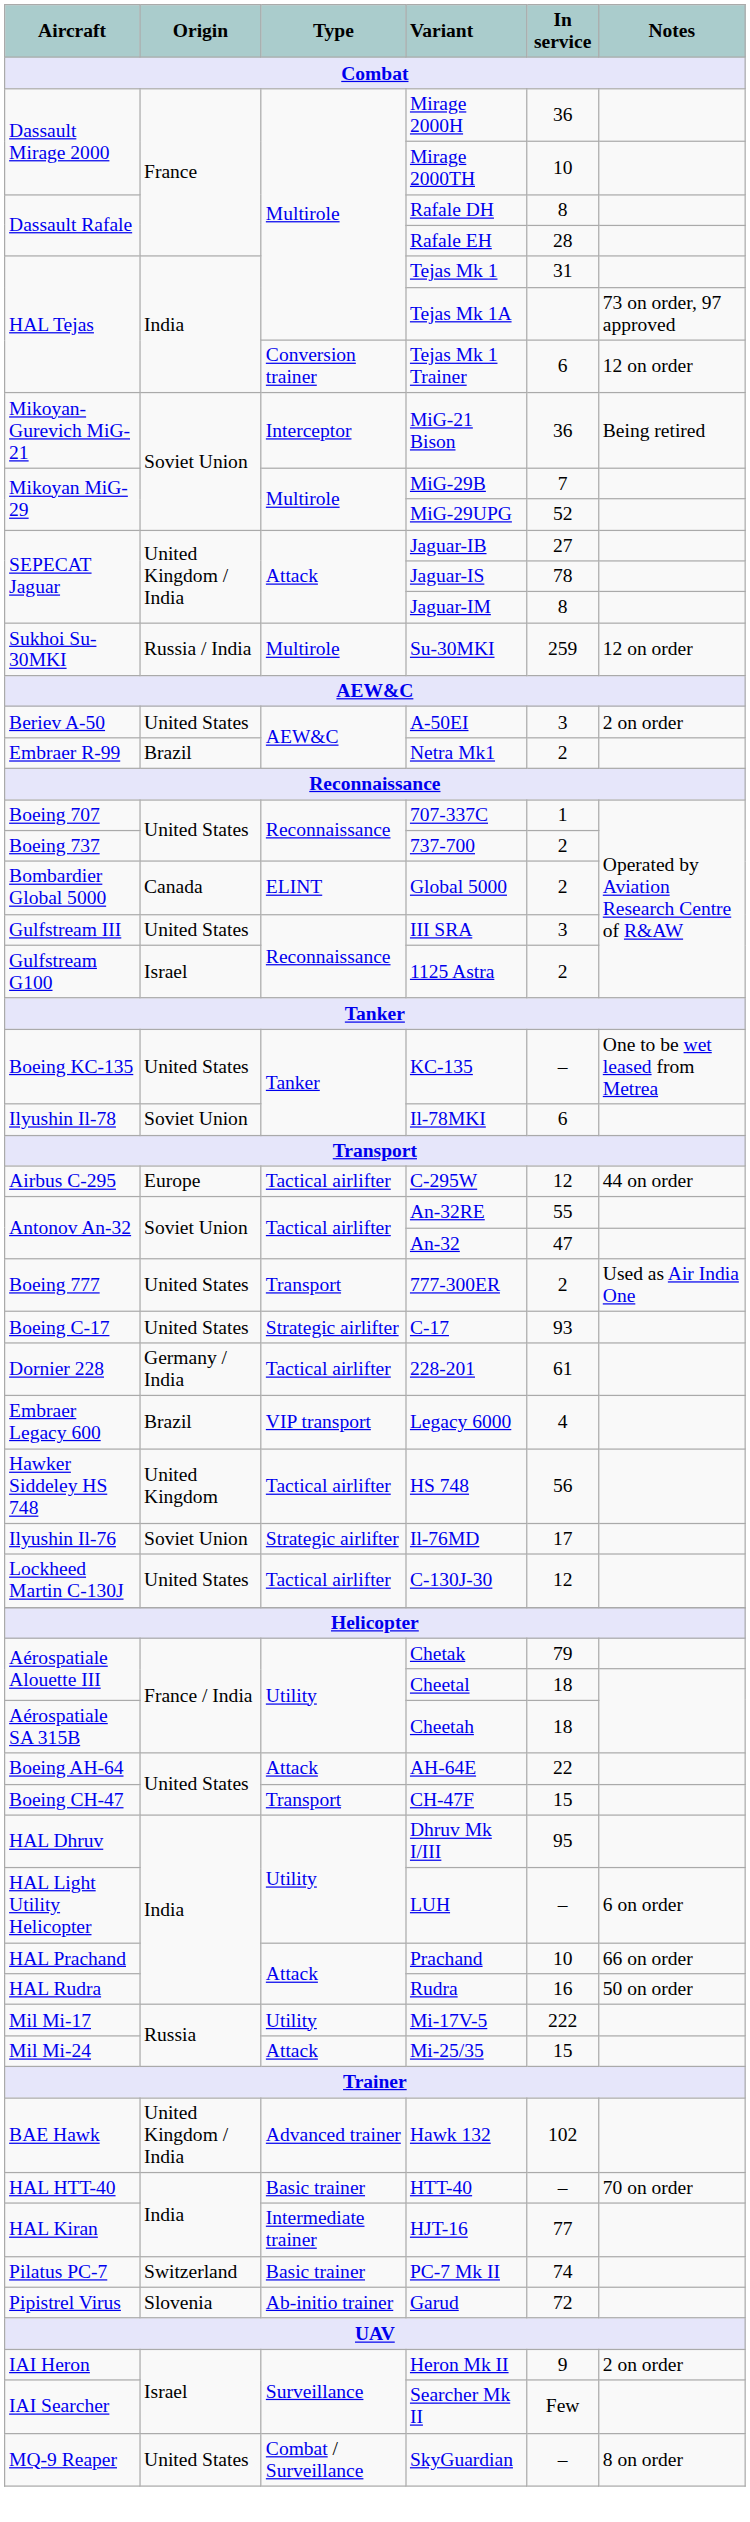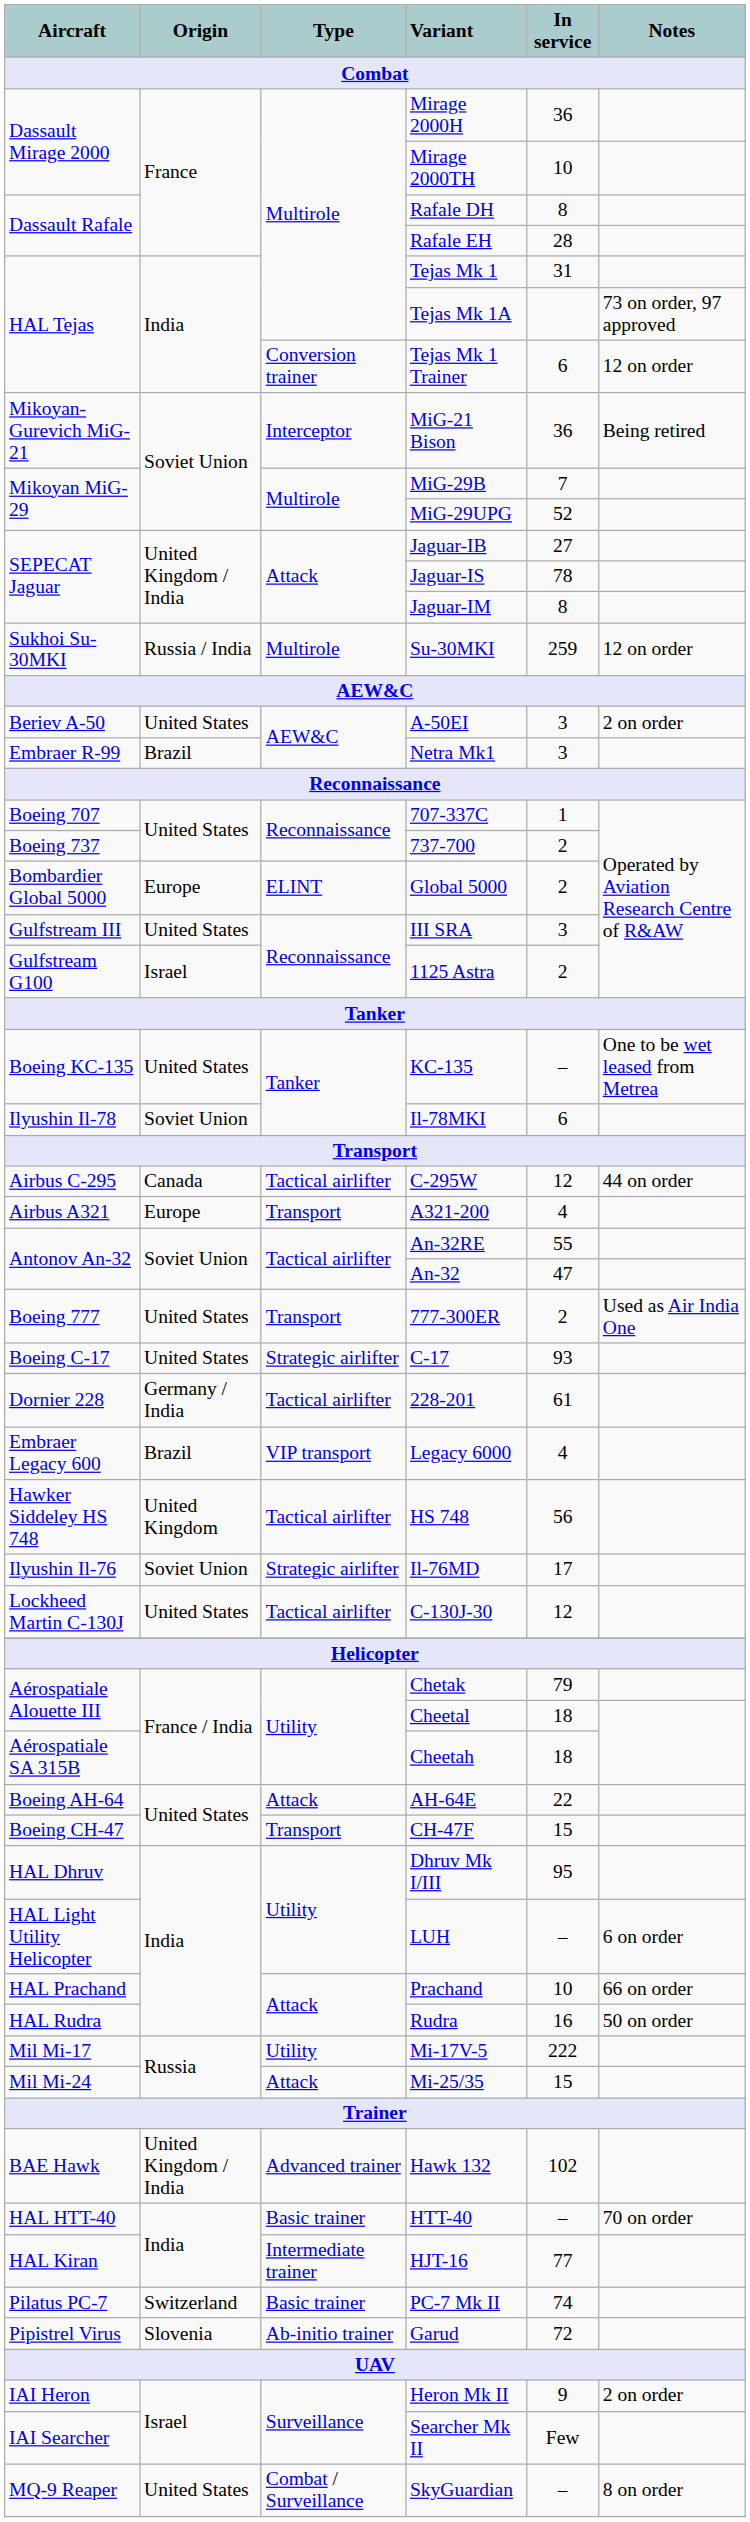 <table class="wikitable">
 <tr>
 <th style="text-align:center; background:#acc;">Aircraft</th>
 <th style="text-align: center; background:#acc;">Origin</th>
 <th style="text-align: center; background:#acc;">Type</th>
 <th style="text-align:left; background:#acc;">Variant</th>
 <th style="text-align:center; background:#acc;">In service</th>
 <th style="text-align: center; background:#acc;">Notes</th>
 </tr>
 <tr>
 <th style="align: center; background: lavender;" colspan="6"><a href='#'>Combat</a></th>
 </tr>
 <tr>
 <td rowspan="2"><a href='#'>Dassault Mirage 2000</a></td>
 <td rowspan="4">France</td>
 <td rowspan="6"><a href='#'>Multirole</a></td>
 <td><a href='#'>Mirage 2000H</a></td>
 <td align="center">36</td>
 <td></td>
 </tr>
 <tr>
 <td><a href='#'>Mirage 2000TH</a></td>
 <td align="center">10</td>
 <td></td>
 </tr>
 <tr>
 <td rowspan="2"><a href='#'>Dassault Rafale</a></td>
 <td><a href='#'>Rafale DH</a></td>
 <td align="center">8</td>
 <td></td>
 </tr>
 <tr>
 <td><a href='#'>Rafale EH</a></td>
 <td align="center">28</td>
 <td></td>
 </tr>
 <tr>
 <td rowspan="3"><a href='#'>HAL Tejas</a></td>
 <td rowspan="3">India</td>
 <td><a href='#'>Tejas Mk 1</a></td>
 <td align="center">31</td>
 <td></td>
 </tr>
 <tr>
 <td><a href='#'>Tejas Mk 1A</a></td>
 <td align="center"></td>
 <td>73 on order, 97 approved</td>
 </tr>
 <tr>
 <td><a href='#'>Conversion trainer</a></td>
 <td><a href='#'>Tejas Mk 1 Trainer</a></td>
 <td align="center">6</td>
 <td>12 on order</td>
 </tr>
 <tr>
 <td><a href='#'>Mikoyan-Gurevich MiG-21</a></td>
 <td rowspan="3">Soviet Union</td>
 <td><a href='#'>Interceptor</a></td>
 <td><a href='#'>MiG-21 Bison</a></td>
 <td align="center">36</td>
 <td>Being retired</td>
 </tr>
 <tr>
 <td rowspan="2"><a href='#'>Mikoyan MiG-29</a></td>
 <td rowspan="2"><a href='#'>Multirole</a></td>
 <td><a href='#'>MiG-29B</a></td>
 <td align="center">7</td>
 <td></td>
 </tr>
 <tr>
 <td><a href='#'>MiG-29UPG</a></td>
 <td align="center">52</td>
 <td></td>
 </tr>
 <tr>
 <td rowspan="3"><a href='#'>SEPECAT Jaguar</a></td>
 <td rowspan="3">United Kingdom / India</td>
 <td rowspan="3"><a href='#'>Attack</a></td>
 <td><a href='#'>Jaguar-IB</a></td>
 <td align="center">27</td>
 <td></td>
 </tr>
 <tr>
 <td><a href='#'>Jaguar-IS</a></td>
 <td align="center">78</td>
 <td></td>
 </tr>
 <tr>
 <td><a href='#'>Jaguar-IM</a></td>
 <td align="center">8</td>
 <td></td>
 </tr>
 <tr>
 <td><a href='#'>Sukhoi Su-30MKI</a></td>
 <td>Russia / India</td>
 <td><a href='#'>Multirole</a></td>
 <td><a href='#'>Su-30MKI</a></td>
 <td align="center">259</td>
 <td>12 on order</td>
 </tr>
 <tr>
 <th colspan="6" style="align: center; background: lavender;"><a href='#'>AEW&C</a></th>
 </tr>
 <tr>
 <td><a href='#'>Beriev A-50</a></td>
 <td>United States</td>
 <td rowspan="2"><a href='#'>AEW&C</a></td>
 <td><a href='#'>A-50EI</a></td>
 <td align="center">3</td>
 <td>2 on order</td>
 </tr>
 <tr>
 <td><a href='#'>Embraer R-99</a></td>
 <td>Brazil</td>
 <td><a href='#'>Netra Mk1</a></td>
-<td align="center">2</td>
+<td align="center">3</td>
 <td></td>
 </tr>
 <tr>
 <th colspan="6" style="align: center; background: lavender;"><a href='#'>Reconnaissance</a></th>
 </tr>
 <tr>
 <td><a href='#'>Boeing 707</a></td>
 <td rowspan="2">United States</td>
 <td rowspan="2"><a href='#'>Reconnaissance</a></td>
 <td><a href='#'>707-337C</a></td>
 <td align="center">1</td>
 <td rowspan="5">Operated by <a href='#'>Aviation Research Centre</a> of <a href='#'>R&AW</a></td>
 </tr>
 <tr>
 <td><a href='#'>Boeing 737</a></td>
 <td><a href='#'>737-700</a></td>
 <td align="center">2</td>
 </tr>
 <tr>
 <td><a href='#'>Bombardier Global 5000</a></td>
-<td>Canada</td>
+<td>Europe</td>
 <td><a href='#'>ELINT</a></td>
 <td><a href='#'>Global 5000</a></td>
 <td align="center">2</td>
 </tr>
 <tr>
 <td><a href='#'>Gulfstream III</a></td>
 <td>United States</td>
 <td rowspan="2"><a href='#'>Reconnaissance</a></td>
 <td><a href='#'>III SRA</a></td>
 <td align="center">3</td>
 </tr>
 <tr>
 <td><a href='#'>Gulfstream G100</a></td>
 <td>Israel</td>
 <td><a href='#'>1125 Astra</a></td>
 <td align="center">2</td>
 </tr>
 <tr>
 <th colspan="6" style="align: center; background: lavender;"><a href='#'>Tanker</a></th>
 </tr>
 <tr>
 <td><a href='#'>Boeing KC-135</a></td>
 <td>United States</td>
 <td rowspan="2"><a href='#'>Tanker</a></td>
 <td><a href='#'>KC-135</a></td>
 <td align="center">–</td>
 <td>One to be <a href='#'>wet leased</a> from <a href='#'>Metrea</a></td>
 </tr>
 <tr>
 <td><a href='#'>Ilyushin Il-78</a></td>
 <td>Soviet Union</td>
 <td><a href='#'>Il-78MKI</a></td>
 <td align="center">6</td>
 <td></td>
 </tr>
 <tr>
 <th colspan="6" style="align: center; background: lavender;"><a href='#'>Transport</a></th>
 </tr>
 <tr>
 <td><a href='#'>Airbus C-295</a></td>
-<td>Europe</td>
+<td>Canada</td>
 <td><a href='#'>Tactical airlifter</a></td>
 <td><a href='#'>C-295W</a></td>
 <td align="center">12</td>
 <td>44 on order</td>
+</tr>
+<tr>
+<td><a href='#'>Airbus A321</a></td>
+<td>Europe</td>
+<td><a href='#'>Transport</a></td>
+<td><a href='#'>A321-200</a></td>
+<td align="center">4</td>
+<td></td>
 </tr>
 <tr>
 <td rowspan="2"><a href='#'>Antonov An-32</a></td>
 <td rowspan="2">Soviet Union</td>
 <td rowspan="2"><a href='#'>Tactical airlifter</a></td>
 <td><a href='#'>An-32RE</a></td>
 <td align="center">55</td>
 <td></td>
 </tr>
 <tr>
 <td><a href='#'>An-32</a></td>
 <td align="center">47</td>
 <td></td>
 </tr>
 <tr>
 <td><a href='#'>Boeing 777</a></td>
 <td>United States</td>
 <td><a href='#'>Transport</a></td>
 <td><a href='#'>777-300ER</a></td>
 <td align="center">2</td>
 <td>Used as <a href='#'>Air India One</a></td>
 </tr>
 <tr>
 <td><a href='#'>Boeing C-17</a></td>
 <td>United States</td>
 <td><a href='#'>Strategic airlifter</a></td>
 <td><a href='#'>C-17</a></td>
 <td align="center">93</td>
 <td></td>
 </tr>
 <tr>
 <td><a href='#'>Dornier 228</a></td>
 <td>Germany / India</td>
 <td><a href='#'>Tactical airlifter</a></td>
 <td><a href='#'>228-201</a></td>
 <td align="center">61</td>
 <td></td>
 </tr>
 <tr>
 <td><a href='#'>Embraer Legacy 600</a></td>
 <td>Brazil</td>
 <td><a href='#'>VIP transport</a></td>
 <td><a href='#'>Legacy 6000</a></td>
 <td align="center">4</td>
 <td></td>
 </tr>
 <tr>
 <td><a href='#'>Hawker Siddeley HS 748</a></td>
 <td>United Kingdom</td>
 <td><a href='#'>Tactical airlifter</a></td>
 <td><a href='#'>HS 748</a></td>
 <td align="center">56</td>
 <td></td>
 </tr>
 <tr>
 <td><a href='#'>Ilyushin Il-76</a></td>
 <td>Soviet Union</td>
 <td><a href='#'>Strategic airlifter</a></td>
 <td><a href='#'>Il-76MD</a></td>
 <td align="center">17</td>
 <td></td>
 </tr>
 <tr>
 <td><a href='#'>Lockheed Martin C-130J</a></td>
 <td>United States</td>
 <td><a href='#'>Tactical airlifter</a></td>
 <td><a href='#'>C-130J-30</a></td>
 <td align="center">12</td>
 <td></td>
 </tr>
 <tr>
 </tr>
 <tr>
 <th colspan="6" style="align: center; background: lavender;"><a href='#'>Helicopter</a></th>
 </tr>
 <tr>
 <td rowspan="2"><a href='#'>Aérospatiale Alouette III</a></td>
 <td rowspan="3">France / India</td>
 <td rowspan="3"><a href='#'>Utility</a></td>
 <td><a href='#'>Chetak</a></td>
 <td align="center">79</td>
 <td></td>
 </tr>
 <tr>
 <td><a href='#'>Cheetal</a></td>
 <td align="center">18</td>
 </tr>
 <tr>
 <td><a href='#'>Aérospatiale SA 315B</a></td>
 <td><a href='#'>Cheetah</a></td>
 <td align="center">18</td>
 </tr>
 <tr>
 <td><a href='#'>Boeing AH-64</a></td>
 <td rowspan="2">United States</td>
 <td><a href='#'>Attack</a></td>
 <td><a href='#'>AH-64E</a></td>
 <td align="center">22</td>
 <td></td>
 </tr>
 <tr>
 <td><a href='#'>Boeing CH-47</a></td>
 <td><a href='#'>Transport</a></td>
 <td><a href='#'>CH-47F</a></td>
 <td align="center">15</td>
 <td></td>
 </tr>
 <tr>
 <td><a href='#'>HAL Dhruv</a></td>
 <td rowspan="4">India</td>
 <td rowspan="2"><a href='#'>Utility</a></td>
 <td><a href='#'>Dhruv Mk I/III</a></td>
 <td align="center">95</td>
 <td></td>
 </tr>
 <tr>
 <td><a href='#'>HAL Light Utility Helicopter</a></td>
 <td><a href='#'>LUH</a></td>
 <td align="center">–</td>
 <td>6 on order</td>
 </tr>
 <tr>
 <td><a href='#'>HAL Prachand</a></td>
 <td rowspan="2"><a href='#'>Attack</a></td>
 <td><a href='#'>Prachand</a></td>
 <td align="center">10</td>
 <td>66 on order</td>
 </tr>
 <tr>
 <td><a href='#'>HAL Rudra</a></td>
 <td><a href='#'>Rudra</a></td>
 <td align="center">16</td>
 <td>50 on order</td>
 </tr>
 <tr>
 <td><a href='#'>Mil Mi-17</a></td>
 <td rowspan="2">Russia</td>
 <td><a href='#'>Utility</a></td>
 <td><a href='#'>Mi-17V-5</a></td>
 <td align="center">222</td>
 <td></td>
 </tr>
 <tr>
 <td><a href='#'>Mil Mi-24</a></td>
 <td><a href='#'>Attack</a></td>
 <td><a href='#'>Mi-25/35</a></td>
 <td align="center">15</td>
 <td></td>
 </tr>
 <tr>
 <th colspan="6" style="align: center; background: lavender;"><a href='#'>Trainer</a></th>
 </tr>
 <tr>
 <td><a href='#'>BAE Hawk</a></td>
 <td>United Kingdom / India</td>
 <td><a href='#'>Advanced trainer</a></td>
 <td><a href='#'>Hawk 132</a></td>
 <td align="center">102</td>
 <td></td>
 </tr>
 <tr>
 <td><a href='#'>HAL HTT-40</a></td>
 <td rowspan="2">India</td>
 <td><a href='#'>Basic trainer</a></td>
 <td><a href='#'>HTT-40</a></td>
 <td align="center">–</td>
 <td>70 on order</td>
 </tr>
 <tr>
 <td><a href='#'>HAL Kiran</a></td>
 <td><a href='#'>Intermediate trainer</a></td>
 <td><a href='#'>HJT-16</a></td>
 <td align="center">77</td>
 <td></td>
 </tr>
 <tr>
 <td><a href='#'>Pilatus PC-7</a></td>
 <td>Switzerland</td>
 <td><a href='#'>Basic trainer</a></td>
 <td><a href='#'>PC-7 Mk II</a></td>
 <td align="center">74</td>
 <td></td>
 </tr>
 <tr>
 <td><a href='#'>Pipistrel Virus</a></td>
 <td>Slovenia</td>
 <td><a href='#'>Ab-initio trainer</a></td>
 <td><a href='#'>Garud</a></td>
 <td align="center">72</td>
 <td></td>
 </tr>
 <tr>
 <th colspan="6" style="align: center; background: lavender;"><a href='#'>UAV</a></th>
 </tr>
 <tr>
 <td><a href='#'>IAI Heron</a></td>
 <td rowspan="2">Israel</td>
 <td rowspan="2"><a href='#'>Surveillance</a></td>
 <td><a href='#'>Heron Mk II</a></td>
 <td align="center">9</td>
 <td>2 on order</td>
 </tr>
 <tr>
 <td><a href='#'>IAI Searcher</a></td>
 <td><a href='#'>Searcher Mk II</a></td>
 <td align="center">Few</td>
 <td></td>
 </tr>
 <tr>
 <td><a href='#'>MQ-9 Reaper</a></td>
 <td>United States</td>
 <td><a href='#'>Combat</a> / <a href='#'>Surveillance</a></td>
 <td><a href='#'>SkyGuardian</a></td>
 <td align="center">–</td>
 <td>8 on order</td>
 </tr>
 </table>
